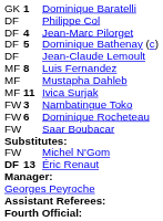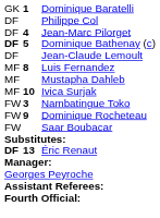 <table style=font-size:90% cellspacing=0 cellpadding=0>
 <tr>
 <td colspan=4></td>
 </tr>
 <tr>
 <th width=25></th>
 <th width=25></th>
 </tr>
 <tr>
 <td>GK</td>
 <td><strong>1</strong></td>
 <td> <a href='#'>Dominique Baratelli</a></td>
 </tr>
 <tr>
 <td>DF</td>
 <td><strong> </strong></td>
 <td> <a href='#'>Philippe Col</a></td>
 <td></td>
 <td></td>
 </tr>
 <tr>
 <td>DF</td>
 <td><strong>4</strong></td>
 <td> <a href='#'>Jean-Marc Pilorget</a></td>
 </tr>
 <tr>
-<td>DF</td>
+<td><strong>DF</strong></td>
 <td><strong>5</strong></td>
 <td> <a href='#'>Dominique Bathenay</a> (<a href='#'>c</a>)</td>
 </tr>
 <tr>
 <td>DF</td>
 <td><strong> </strong></td>
 <td> <a href='#'>Jean-Claude Lemoult</a></td>
 </tr>
 <tr>
 <td>MF</td>
 <td><strong>8</strong></td>
 <td> <a href='#'>Luis Fernandez</a></td>
 </tr>
 <tr>
 <td>MF</td>
 <td><strong> </strong></td>
 <td> <a href='#'>Mustapha Dahleb</a></td>
 <td></td>
 <td></td>
 </tr>
 <tr>
 <td>MF</td>
-<td><strong>11</strong></td>
+<td><strong>10</strong></td>
 <td> <a href='#'>Ivica Surjak</a></td>
 </tr>
 <tr>
 <td>FW</td>
 <td><strong>3</strong></td>
 <td> <a href='#'>Nambatingue Toko</a></td>
 </tr>
 <tr>
 <td>FW</td>
-<td><strong>6</strong></td>
+<td><strong>9</strong></td>
 <td> <a href='#'>Dominique Rocheteau</a></td>
 </tr>
 <tr>
 <td>FW</td>
 <td><strong> </strong></td>
 <td> <a href='#'>Saar Boubacar</a></td>
 </tr>
 <tr>
 <td colspan=3><strong>Substitutes:</strong></td>
-</tr>
-<tr>
-<td>FW</td>
-<td><strong> </strong></td>
-<td> <a href='#'>Michel N'Gom</a></td>
-<td></td>
-<td></td>
 </tr>
 <tr>
 <td><strong>DF</strong></td>
 <td><strong>13</strong></td>
 <td> <a href='#'>Éric Renaut</a></td>
 <td></td>
 <td></td>
 </tr>
 <tr>
 <td colspan=3><strong>Manager:</strong></td>
 </tr>
 <tr>
 <td colspan=4> <a href='#'>Georges Peyroche</a><br><strong>Assistant Referees:</strong><br> <strong>Fourth Official:</strong><br></td>
 </tr>
 </table>
